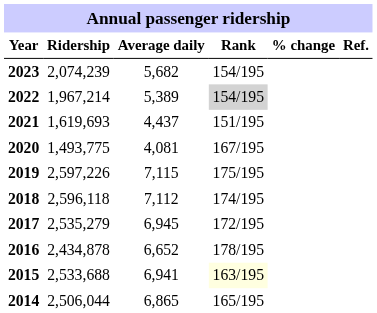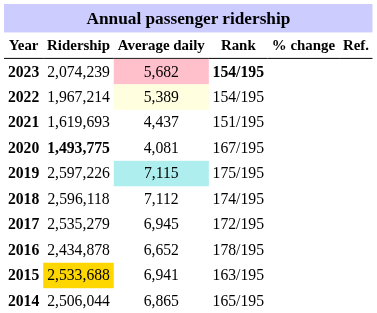 <table class="toccolours" cellpadding="4" cellspacing="0" style="text-align:right;">
 <tr>
 <th colspan="6"  style="background-color:#ccf; background-color:#ccf; font-size:110%; text-align:center;">Annual passenger ridership</th>
 </tr>
 <tr style="font-size:95%; text-align:center">
 <th style="border-bottom:1px solid black">Year</th>
 <th style="border-bottom:1px solid black">Ridership</th>
 <th style="border-bottom:1px solid black">Average daily</th>
 <th style="border-bottom:1px solid black">Rank</th>
 <th style="border-bottom:1px solid black">% change</th>
 <th style="border-bottom:1px solid black">Ref.</th>
 </tr>
 <tr style="text-align:center;">
 <td><strong>2023</strong></td>
 <td>2,074,239</td>
-<td>5,682</td>
-<td>154/195</td>
+<td style="background: pink;">5,682</td>
+<td><strong>154/195</strong></td>
 <td></td>
 <td></td>
 </tr>
 <tr style="text-align:center;">
 <td><strong>2022</strong></td>
 <td>1,967,214</td>
-<td>5,389</td>
-<td style="background: lightgrey;">154/195</td>
+<td style="background: lightyellow;">5,389</td>
+<td>154/195</td>
 <td></td>
 <td></td>
 </tr>
 <tr style="text-align:center;">
 <td><strong>2021</strong></td>
 <td>1,619,693</td>
 <td>4,437</td>
 <td>151/195</td>
 <td></td>
 <td></td>
 </tr>
 <tr style="text-align:center;">
 <td><strong>2020</strong></td>
-<td>1,493,775</td>
+<td><strong>1,493,775</strong></td>
 <td>4,081</td>
 <td>167/195</td>
 <td></td>
 <td></td>
 </tr>
 <tr style="text-align:center;">
 <td><strong>2019</strong></td>
 <td>2,597,226</td>
-<td>7,115</td>
+<td style="background: paleturquoise;">7,115</td>
 <td>175/195</td>
 <td></td>
 <td></td>
 </tr>
 <tr style="text-align:center;">
 <td><strong>2018</strong></td>
 <td>2,596,118</td>
 <td>7,112</td>
 <td>174/195</td>
 <td></td>
 <td></td>
 </tr>
 <tr style="text-align:center;">
 <td><strong>2017</strong></td>
 <td>2,535,279</td>
 <td>6,945</td>
 <td>172/195</td>
 <td></td>
 <td></td>
 </tr>
 <tr style="text-align:center;">
 <td><strong>2016</strong></td>
 <td>2,434,878</td>
 <td>6,652</td>
 <td>178/195</td>
 <td></td>
 <td></td>
 </tr>
 <tr style="text-align:center;">
 <td><strong>2015</strong></td>
-<td>2,533,688</td>
+<td style="background: gold;">2,533,688</td>
 <td>6,941</td>
-<td style="background: lightyellow;">163/195</td>
+<td>163/195</td>
 <td></td>
 <td></td>
 </tr>
 <tr style="text-align:center;">
 <td><strong>2014</strong></td>
 <td>2,506,044</td>
 <td>6,865</td>
 <td>165/195</td>
 <td></td>
 <td></td>
 </tr>
 </table>
